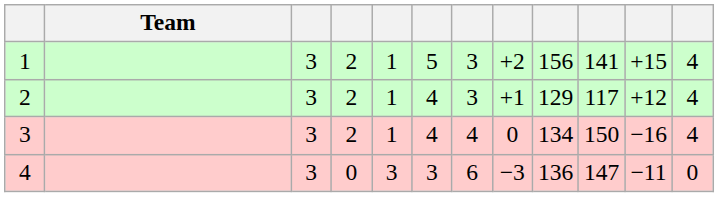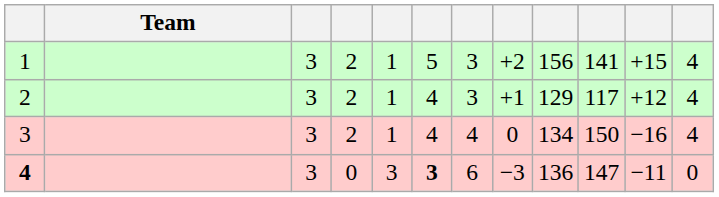 <table class=wikitable style="text-align: center;">
 <tr>
 <th style="width: 20px;"></th>
 <th style="width: 160px;">Team</th>
 <th style="width: 20px;"></th>
 <th style="width: 20px;"></th>
 <th style="width: 20px;"></th>
 <th style="width: 20px;"></th>
 <th style="width: 20px;"></th>
 <th style="width: 20px;"></th>
 <th style="width: 20px;"></th>
 <th style="width: 20px;"></th>
 <th style="width: 20px;"></th>
 <th style="width: 20px;"></th>
 </tr>
 <tr style="background: #CCFFCC;">
 <td>1</td>
 <td style="text-align: left;"></td>
 <td>3</td>
 <td>2</td>
 <td>1</td>
 <td>5</td>
 <td>3</td>
 <td>+2</td>
 <td>156</td>
 <td>141</td>
 <td>+15</td>
 <td>4</td>
 </tr>
 <tr style="background: #CCFFCC;">
 <td>2</td>
 <td style="text-align: left;"></td>
 <td>3</td>
 <td>2</td>
 <td>1</td>
 <td>4</td>
 <td>3</td>
 <td>+1</td>
 <td>129</td>
 <td>117</td>
 <td>+12</td>
 <td>4</td>
 </tr>
 <tr style="background: #FFCCCC;">
 <td>3</td>
 <td style="text-align: left;"></td>
 <td>3</td>
 <td>2</td>
 <td>1</td>
 <td>4</td>
 <td>4</td>
 <td>0</td>
 <td>134</td>
 <td>150</td>
 <td>−16</td>
 <td>4</td>
 </tr>
 <tr style="background: #FFCCCC;">
-<td>4</td>
+<td><strong>4</strong></td>
 <td style="text-align: left;"></td>
 <td>3</td>
 <td>0</td>
 <td>3</td>
-<td>3</td>
+<td><strong>3</strong></td>
 <td>6</td>
 <td>−3</td>
 <td>136</td>
 <td>147</td>
 <td>−11</td>
 <td>0</td>
 </tr>
 </table>
